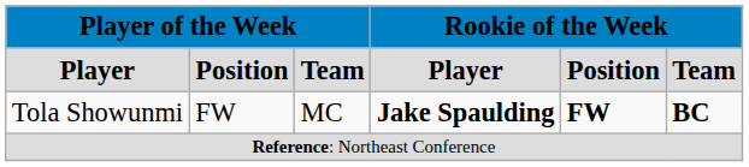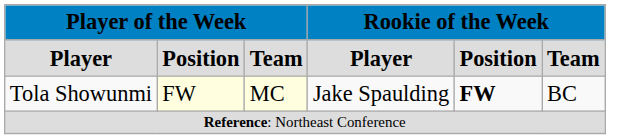 <table class="wikitable">
 <tr>
 <th colspan="3" style="background:#0081C4;"><span>Player of the Week</span></th>
 <th colspan="3" style="background:#0081C4;"><span>Rookie of the Week</span></th>
 </tr>
 <tr>
 <th style="background:#ddd;">Player</th>
 <th style="background:#ddd;">Position</th>
 <th style="background:#ddd;">Team</th>
 <th style="background:#ddd;">Player</th>
 <th style="background:#ddd;">Position</th>
 <th style="background:#ddd;">Team</th>
 </tr>
 <tr>
 <td>Tola Showunmi</td>
-<td>FW</td>
-<td !>MC</td>
-<td><strong>Jake Spaulding</strong></td>
+<td style="background: lightyellow;">FW</td>
+<td ! style="background: lightyellow;">MC</td>
+<td>Jake Spaulding</td>
 <td><strong>FW</strong></td>
-<td !><strong>BC</strong></td>
+<td !>BC</td>
 </tr>
 <tr>
 <td colspan="12"  style="font-size:8pt; text-align:center; background:#ddd;"><strong>Reference</strong>: Northeast Conference</td>
 </tr>
 </table>
